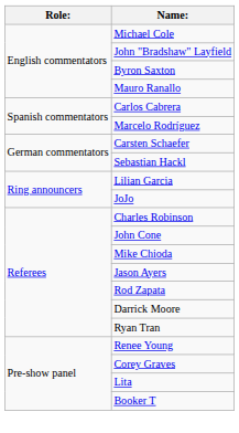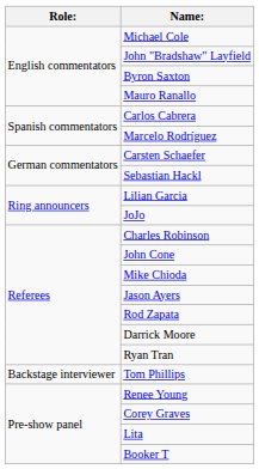 <table class=wikitable style="font-size:90%; margin: 0.5em 0 0.5em 1em; float: right; clear: right;">
 <tr>
 <th>Role:</th>
 <th>Name:</th>
 </tr>
 <tr>
 <td rowspan=4>English commentators</td>
 <td><a href='#'>Michael Cole</a> </td>
 </tr>
 <tr>
 <td><a href='#'>John "Bradshaw" Layfield</a> </td>
 </tr>
 <tr>
 <td><a href='#'>Byron Saxton</a> </td>
 </tr>
 <tr>
 <td><a href='#'>Mauro Ranallo</a> </td>
 </tr>
 <tr>
 <td rowspan=2>Spanish commentators</td>
 <td><a href='#'>Carlos Cabrera</a></td>
 </tr>
 <tr>
 <td><a href='#'>Marcelo Rodríguez</a></td>
 </tr>
 <tr>
 <td rowspan=2>German commentators</td>
 <td><a href='#'>Carsten Schaefer</a></td>
 </tr>
 <tr>
 <td><a href='#'>Sebastian Hackl</a></td>
 </tr>
 <tr>
 <td rowspan=2><a href='#'>Ring announcers</a></td>
 <td><a href='#'>Lilian Garcia</a> </td>
 </tr>
 <tr>
 <td><a href='#'>JoJo</a> </td>
 </tr>
 <tr>
 <td rowspan=7><a href='#'>Referees</a></td>
 <td><a href='#'>Charles Robinson</a></td>
 </tr>
 <tr>
 <td><a href='#'>John Cone</a></td>
 </tr>
 <tr>
 <td><a href='#'>Mike Chioda</a></td>
 </tr>
 <tr>
 <td><a href='#'>Jason Ayers</a></td>
 </tr>
 <tr>
 <td><a href='#'>Rod Zapata</a></td>
 </tr>
 <tr>
 <td>Darrick Moore</td>
 </tr>
 <tr>
 <td>Ryan Tran</td>
 </tr>
 <tr>
+<td rowspan=1>Backstage interviewer</td>
+<td><a href='#'>Tom Phillips</a></td>
+</tr>
+<tr>
 <td rowspan=4>Pre-show panel</td>
 <td><a href='#'>Renee Young</a></td>
 </tr>
 <tr>
 <td><a href='#'>Corey Graves</a></td>
 </tr>
 <tr>
 <td><a href='#'>Lita</a></td>
 </tr>
 <tr>
 <td><a href='#'>Booker T</a></td>
 </tr>
 </table>
